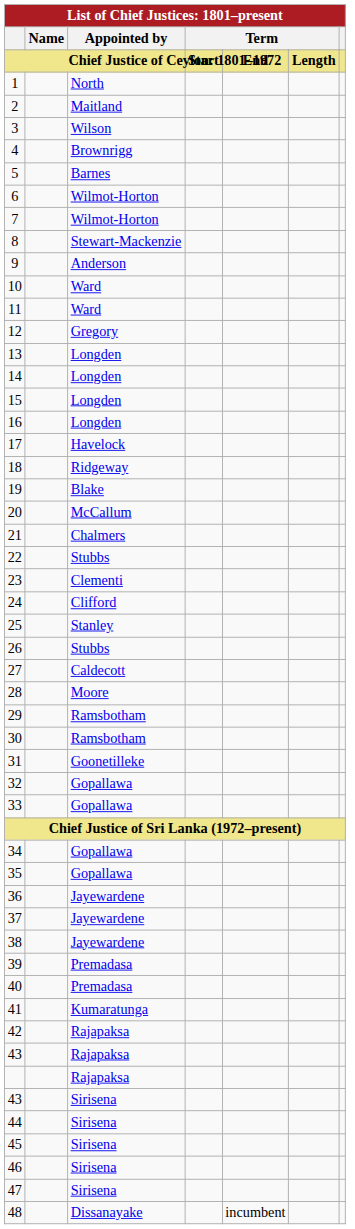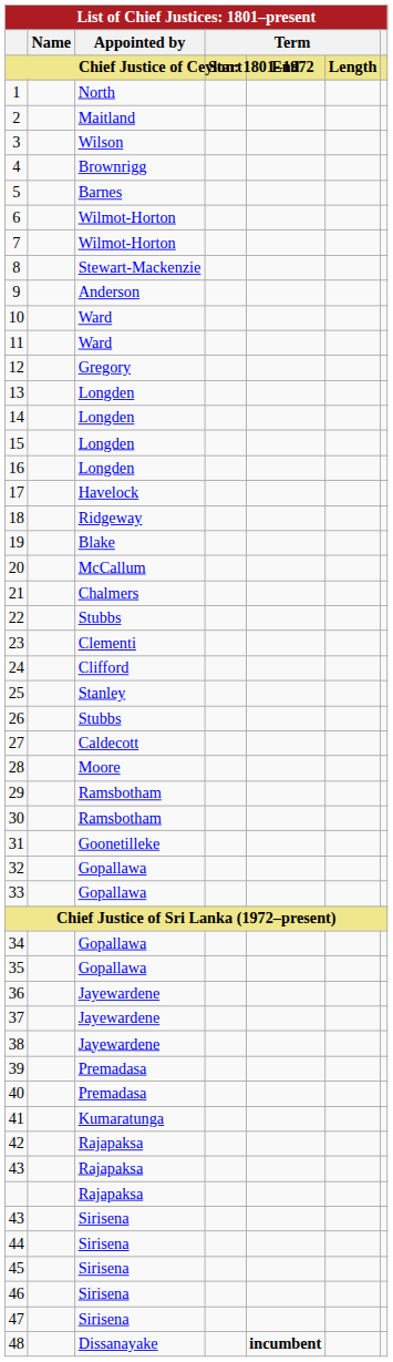 <table class="wikitable sortable sticky-header-multi mw-collapsible" style="font-size:100%; text-align:center">
 <tr>
 <th colspan=7 style="color:#FFF; background:#AE1C23;">List of Chief Justices: 1801–present</th>
 </tr>
 <tr>
 <th rowspan=2></th>
 <th rowspan=2>Name</th>
 <th rowspan=2>Appointed by</th>
 <th colspan=3>Term</th>
 <th rowspan=2 class="unsortable"></th>
 </tr>
 <tr>
 <th rowspan=2 class="unsortable">Start</th>
 <th rowspan=2 class="unsortable">End</th>
 <th rowspan=2 class="unsortable">Length</th>
 </tr>
 <tr>
 <td colspan=7 style="background:#F0E68C;"><strong>Chief Justice of Ceylon: 1801–1972</strong></td>
 </tr>
 <tr>
 <td>1</td>
 <td style="text-align:left"></td>
 <td style="text-align:left"><a href='#'>North</a></td>
 <td></td>
 <td></td>
 <td></td>
 <td></td>
 </tr>
 <tr>
 <td>2</td>
 <td style="text-align:left"></td>
 <td style="text-align:left"><a href='#'>Maitland</a></td>
 <td></td>
 <td></td>
 <td></td>
 <td></td>
 </tr>
 <tr>
 <td>3</td>
 <td style="text-align:left"></td>
 <td style="text-align:left"><a href='#'>Wilson</a></td>
 <td></td>
 <td></td>
 <td></td>
 <td></td>
 </tr>
 <tr>
 <td>4</td>
 <td style="text-align:left"></td>
 <td style="text-align:left"><a href='#'>Brownrigg</a></td>
 <td></td>
 <td></td>
 <td></td>
 <td></td>
 </tr>
 <tr>
 <td>5</td>
 <td style="text-align:left"></td>
 <td style="text-align:left"><a href='#'>Barnes</a></td>
 <td></td>
 <td></td>
 <td></td>
 <td></td>
 </tr>
 <tr>
 <td>6</td>
 <td style="text-align:left"></td>
 <td style="text-align:left"><a href='#'>Wilmot-Horton</a></td>
 <td></td>
 <td></td>
 <td></td>
 <td></td>
 </tr>
 <tr>
 <td>7</td>
 <td style="text-align:left"></td>
 <td style="text-align:left"><a href='#'>Wilmot-Horton</a></td>
 <td></td>
 <td></td>
 <td></td>
 <td></td>
 </tr>
 <tr>
 <td>8</td>
 <td style="text-align:left"></td>
 <td style="text-align:left"><a href='#'>Stewart-Mackenzie</a></td>
 <td></td>
 <td></td>
 <td></td>
 <td></td>
 </tr>
 <tr>
 <td>9</td>
 <td style="text-align:left"></td>
 <td style="text-align:left"><a href='#'>Anderson</a></td>
 <td></td>
 <td></td>
 <td></td>
 <td></td>
 </tr>
 <tr>
 <td>10</td>
 <td style="text-align:left"></td>
 <td style="text-align:left"><a href='#'>Ward</a></td>
 <td></td>
 <td></td>
 <td></td>
 <td></td>
 </tr>
 <tr>
 <td>11</td>
 <td style="text-align:left"></td>
 <td style="text-align:left"><a href='#'>Ward</a></td>
 <td></td>
 <td></td>
 <td></td>
 <td></td>
 </tr>
 <tr>
 <td>12</td>
 <td style="text-align:left"></td>
 <td style="text-align:left"><a href='#'>Gregory</a></td>
 <td></td>
 <td></td>
 <td></td>
 <td></td>
 </tr>
 <tr>
 <td>13</td>
 <td style="text-align:left"></td>
 <td style="text-align:left"><a href='#'>Longden</a></td>
 <td></td>
 <td></td>
 <td></td>
 <td></td>
 </tr>
 <tr>
 <td>14</td>
 <td style="text-align:left"></td>
 <td style="text-align:left"><a href='#'>Longden</a></td>
 <td></td>
 <td></td>
 <td></td>
 <td></td>
 </tr>
 <tr>
 <td>15</td>
 <td style="text-align:left"></td>
 <td style="text-align:left"><a href='#'>Longden</a></td>
 <td></td>
 <td></td>
 <td></td>
 <td></td>
 </tr>
 <tr>
 <td>16</td>
 <td style="text-align:left"></td>
 <td style="text-align:left"><a href='#'>Longden</a></td>
 <td></td>
 <td></td>
 <td></td>
 <td></td>
 </tr>
 <tr>
 <td>17</td>
 <td style="text-align:left"></td>
 <td style="text-align:left"><a href='#'>Havelock</a></td>
 <td></td>
 <td></td>
 <td></td>
 <td></td>
 </tr>
 <tr>
 <td>18</td>
 <td style="text-align:left"></td>
 <td style="text-align:left"><a href='#'>Ridgeway</a></td>
 <td></td>
 <td></td>
 <td></td>
 <td></td>
 </tr>
 <tr>
 <td>19</td>
 <td style="text-align:left"></td>
 <td style="text-align:left"><a href='#'>Blake</a></td>
 <td></td>
 <td></td>
 <td></td>
 <td></td>
 </tr>
 <tr>
 <td>20</td>
 <td style="text-align:left"></td>
 <td style="text-align:left"><a href='#'>McCallum</a></td>
 <td></td>
 <td></td>
 <td></td>
 <td></td>
 </tr>
 <tr>
 <td>21</td>
 <td style="text-align:left"></td>
 <td style="text-align:left"><a href='#'>Chalmers</a></td>
 <td></td>
 <td></td>
 <td></td>
 <td></td>
 </tr>
 <tr>
 <td>22</td>
 <td style="text-align:left"></td>
 <td style="text-align:left"><a href='#'>Stubbs</a></td>
 <td></td>
 <td></td>
 <td></td>
 <td></td>
 </tr>
 <tr>
 <td>23</td>
 <td style="text-align:left"></td>
 <td style="text-align:left"><a href='#'>Clementi</a></td>
 <td></td>
 <td></td>
 <td></td>
 <td></td>
 </tr>
 <tr>
 <td>24</td>
 <td style="text-align:left"></td>
 <td style="text-align:left"><a href='#'>Clifford</a></td>
 <td></td>
 <td></td>
 <td></td>
 <td></td>
 </tr>
 <tr>
 <td>25</td>
 <td style="text-align:left"></td>
 <td style="text-align:left"><a href='#'>Stanley</a></td>
 <td></td>
 <td></td>
 <td></td>
 <td></td>
 </tr>
 <tr>
 <td>26</td>
 <td style="text-align:left"></td>
 <td style="text-align:left"><a href='#'>Stubbs</a></td>
 <td></td>
 <td></td>
 <td></td>
 <td></td>
 </tr>
 <tr>
 <td>27</td>
 <td style="text-align:left"></td>
 <td style="text-align:left"><a href='#'>Caldecott</a></td>
 <td></td>
 <td></td>
 <td></td>
 <td></td>
 </tr>
 <tr>
 <td>28</td>
 <td style="text-align:left"></td>
 <td style="text-align:left"><a href='#'>Moore</a></td>
 <td></td>
 <td></td>
 <td></td>
 <td></td>
 </tr>
 <tr>
 <td>29</td>
 <td style="text-align:left"></td>
 <td style="text-align:left"><a href='#'>Ramsbotham</a></td>
 <td></td>
 <td></td>
 <td></td>
 <td></td>
 </tr>
 <tr>
 <td>30</td>
 <td style="text-align:left"></td>
 <td style="text-align:left"><a href='#'>Ramsbotham</a></td>
 <td></td>
 <td></td>
 <td></td>
 <td></td>
 </tr>
 <tr>
 <td>31</td>
 <td style="text-align:left"></td>
 <td style="text-align:left"><a href='#'>Goonetilleke</a></td>
 <td></td>
 <td></td>
 <td></td>
 <td></td>
 </tr>
 <tr>
 <td>32</td>
 <td style="text-align:left"></td>
 <td style="text-align:left"><a href='#'>Gopallawa</a></td>
 <td></td>
 <td></td>
 <td></td>
 <td></td>
 </tr>
 <tr>
 <td>33</td>
 <td style="text-align:left"></td>
 <td style="text-align:left"><a href='#'>Gopallawa</a></td>
 <td></td>
 <td></td>
 <td></td>
 <td></td>
 </tr>
 <tr>
 <td colspan=7 style="background:#F0E68C;"><strong>Chief Justice of Sri Lanka (1972–present)</strong></td>
 </tr>
 <tr>
 <td>34</td>
 <td style="text-align:left"></td>
 <td style="text-align:left"><a href='#'>Gopallawa</a></td>
 <td></td>
 <td></td>
 <td></td>
 <td></td>
 </tr>
 <tr>
 <td>35</td>
 <td style="text-align:left"></td>
 <td style="text-align:left"><a href='#'>Gopallawa</a></td>
 <td></td>
 <td></td>
 <td></td>
 <td></td>
 </tr>
 <tr>
 <td>36</td>
 <td style="text-align:left"></td>
 <td style="text-align:left"><a href='#'>Jayewardene</a></td>
 <td></td>
 <td></td>
 <td></td>
 <td></td>
 </tr>
 <tr>
 <td>37</td>
 <td style="text-align:left"></td>
 <td style="text-align:left"><a href='#'>Jayewardene</a></td>
 <td></td>
 <td></td>
 <td></td>
 <td></td>
 </tr>
 <tr>
 <td>38</td>
 <td style="text-align:left"></td>
 <td style="text-align:left"><a href='#'>Jayewardene</a></td>
 <td></td>
 <td></td>
 <td></td>
 <td></td>
 </tr>
 <tr>
 <td>39</td>
 <td style="text-align:left"></td>
 <td style="text-align:left"><a href='#'>Premadasa</a></td>
 <td></td>
 <td></td>
 <td></td>
 <td></td>
 </tr>
 <tr>
 <td>40</td>
 <td style="text-align:left"></td>
 <td style="text-align:left"><a href='#'>Premadasa</a></td>
 <td></td>
 <td></td>
 <td></td>
 <td></td>
 </tr>
 <tr>
 <td>41</td>
 <td style="text-align:left"></td>
 <td style="text-align:left"><a href='#'>Kumaratunga</a></td>
 <td></td>
 <td></td>
 <td></td>
 <td></td>
 </tr>
 <tr>
 <td>42</td>
 <td style="text-align:left"></td>
 <td style="text-align:left"><a href='#'>Rajapaksa</a></td>
 <td></td>
 <td></td>
 <td></td>
 <td></td>
 </tr>
 <tr>
 <td>43</td>
 <td style="text-align:left"></td>
 <td style="text-align:left"><a href='#'>Rajapaksa</a></td>
 <td></td>
 <td></td>
 <td></td>
 <td></td>
 </tr>
 <tr>
 <td></td>
 <td style="text-align:left"></td>
 <td style="text-align:left"><a href='#'>Rajapaksa</a></td>
 <td></td>
 <td></td>
 <td></td>
 <td></td>
 </tr>
 <tr>
 <td>43</td>
 <td style="text-align:left"></td>
 <td style="text-align:left"><a href='#'>Sirisena</a></td>
 <td></td>
 <td></td>
 <td></td>
 <td></td>
 </tr>
 <tr>
 <td>44</td>
 <td style="text-align:left"></td>
 <td style="text-align:left"><a href='#'>Sirisena</a></td>
 <td></td>
 <td></td>
 <td></td>
 <td></td>
 </tr>
 <tr>
 <td>45</td>
 <td style="text-align:left"></td>
 <td style="text-align:left"><a href='#'>Sirisena</a></td>
 <td></td>
 <td></td>
 <td></td>
 <td></td>
 </tr>
 <tr>
 <td>46</td>
 <td style="text-align:left"></td>
 <td style="text-align:left"><a href='#'>Sirisena</a></td>
 <td></td>
 <td></td>
 <td></td>
 <td></td>
 </tr>
 <tr>
 <td>47</td>
 <td style="text-align:left"></td>
 <td style="text-align:left"><a href='#'>Sirisena</a></td>
 <td></td>
 <td></td>
 <td></td>
 <td></td>
 </tr>
 <tr>
 <td>48</td>
 <td style="text-align:left"></td>
 <td style="text-align:left"><a href='#'>Dissanayake</a></td>
 <td></td>
-<td>incumbent</td>
+<td><strong>incumbent</strong></td>
 <td></td>
 <td></td>
 </tr>
 </table>
